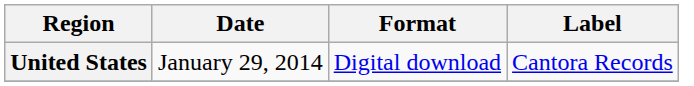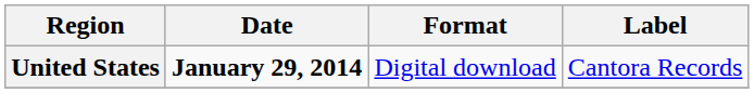 <table class="wikitable plainrowheaders">
 <tr>
 <th>Region</th>
 <th>Date</th>
 <th>Format</th>
 <th>Label</th>
 </tr>
 <tr>
 <th scope="row">United States</th>
-<td>January 29, 2014</td>
+<td><strong>January 29, 2014</strong></td>
 <td><a href='#'>Digital download</a></td>
 <td><a href='#'>Cantora Records</a></td>
 </tr>
 <tr>
 </tr>
 </table>
